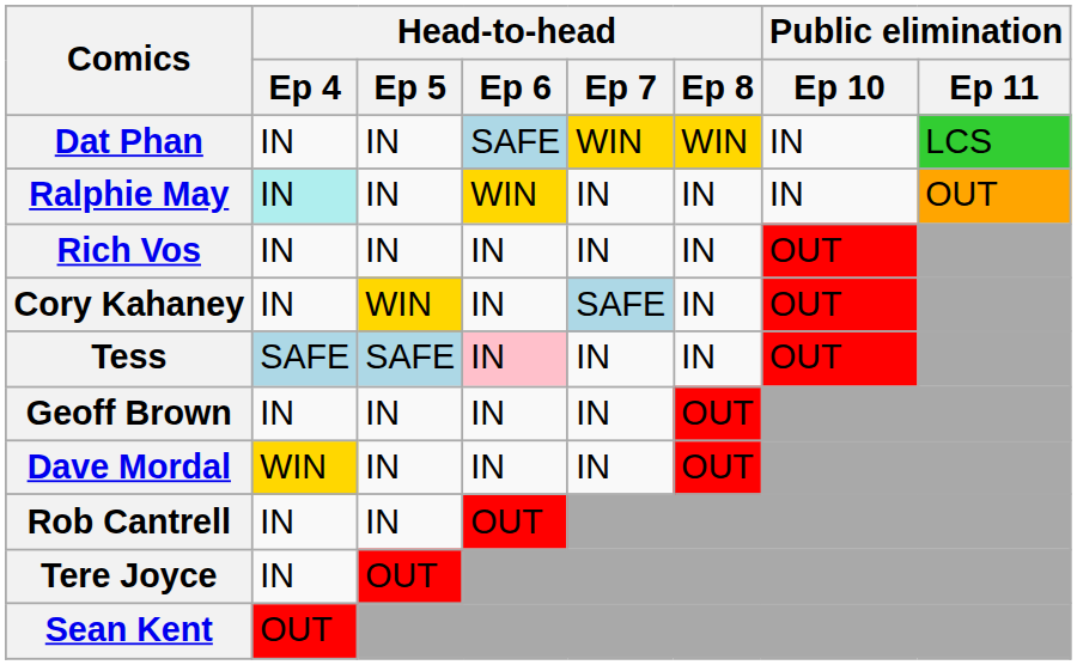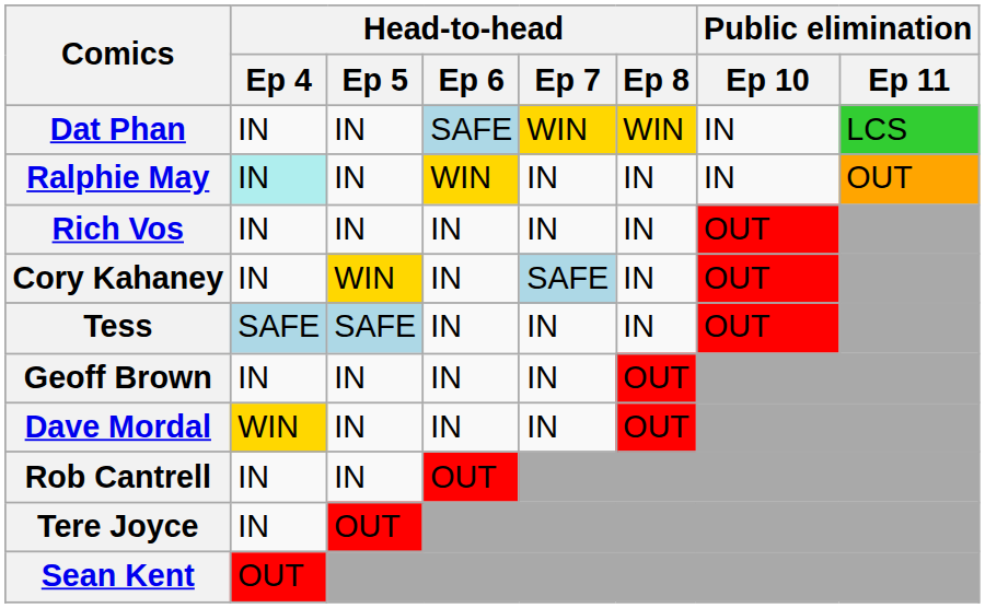 <table class="wikitable">
 <tr>
 <th rowspan="2">Comics</th>
 <th colspan=5>Head-to-head</th>
 <th colspan=2>Public elimination</th>
 </tr>
 <tr>
 <th>Ep 4</th>
 <th>Ep 5</th>
 <th>Ep 6</th>
 <th>Ep 7</th>
 <th>Ep 8</th>
 <th>Ep 10</th>
 <th>Ep 11</th>
 </tr>
 <tr>
 <th><a href='#'>Dat Phan</a></th>
 <td>IN</td>
 <td>IN</td>
 <td style="background:lightblue;">SAFE</td>
 <td style="background:gold;">WIN</td>
 <td style="background:gold;">WIN</td>
 <td>IN</td>
 <td style="background:limegreen;">LCS</td>
 </tr>
 <tr>
 <th><a href='#'>Ralphie May</a></th>
 <td style="background: paleturquoise;">IN</td>
 <td>IN</td>
 <td style="background:gold;">WIN</td>
 <td>IN</td>
 <td>IN</td>
 <td>IN</td>
 <td style="background:orange;">OUT</td>
 </tr>
 <tr>
 <th><a href='#'>Rich Vos</a></th>
 <td>IN</td>
 <td>IN</td>
 <td>IN</td>
 <td>IN</td>
 <td>IN</td>
 <td style="background:red;">OUT</td>
 <td style="background:darkgrey;"></td>
 </tr>
 <tr>
 <th>Cory Kahaney</th>
 <td>IN</td>
 <td style="background:gold;">WIN</td>
 <td>IN</td>
 <td style="background:lightblue;">SAFE</td>
 <td>IN</td>
 <td style="background:red;">OUT</td>
 <td style="background:darkgrey;"></td>
 </tr>
 <tr>
 <th>Tess</th>
 <td style="background:lightblue;">SAFE</td>
 <td style="background:lightblue;">SAFE</td>
-<td style="background: pink;">IN</td>
+<td>IN</td>
 <td>IN</td>
 <td>IN</td>
 <td style="background:red;">OUT</td>
 <td style="background:darkgrey;"></td>
 </tr>
 <tr>
 <th>Geoff Brown</th>
 <td>IN</td>
 <td>IN</td>
 <td>IN</td>
 <td>IN</td>
 <td style="background:red;">OUT</td>
 <td colspan="2" style="background:darkgrey;"></td>
 </tr>
 <tr>
 <th><a href='#'>Dave Mordal</a></th>
 <td style="background:gold;">WIN</td>
 <td>IN</td>
 <td>IN</td>
 <td>IN</td>
 <td style="background:red;">OUT</td>
 <td colspan="3" style="background:darkgrey;"></td>
 </tr>
 <tr>
 <th>Rob Cantrell</th>
 <td>IN</td>
 <td>IN</td>
 <td style="background:red;">OUT</td>
 <td colspan="4" style="background:darkgrey;"></td>
 </tr>
 <tr>
 <th>Tere Joyce</th>
 <td>IN</td>
 <td style="background:red;">OUT</td>
 <td colspan="5" style="background:darkgrey;"></td>
 </tr>
 <tr>
 <th><a href='#'>Sean Kent</a></th>
 <td style="background:red;">OUT</td>
 <td colspan="6" style="background:darkgrey;"></td>
 </tr>
 </table>
